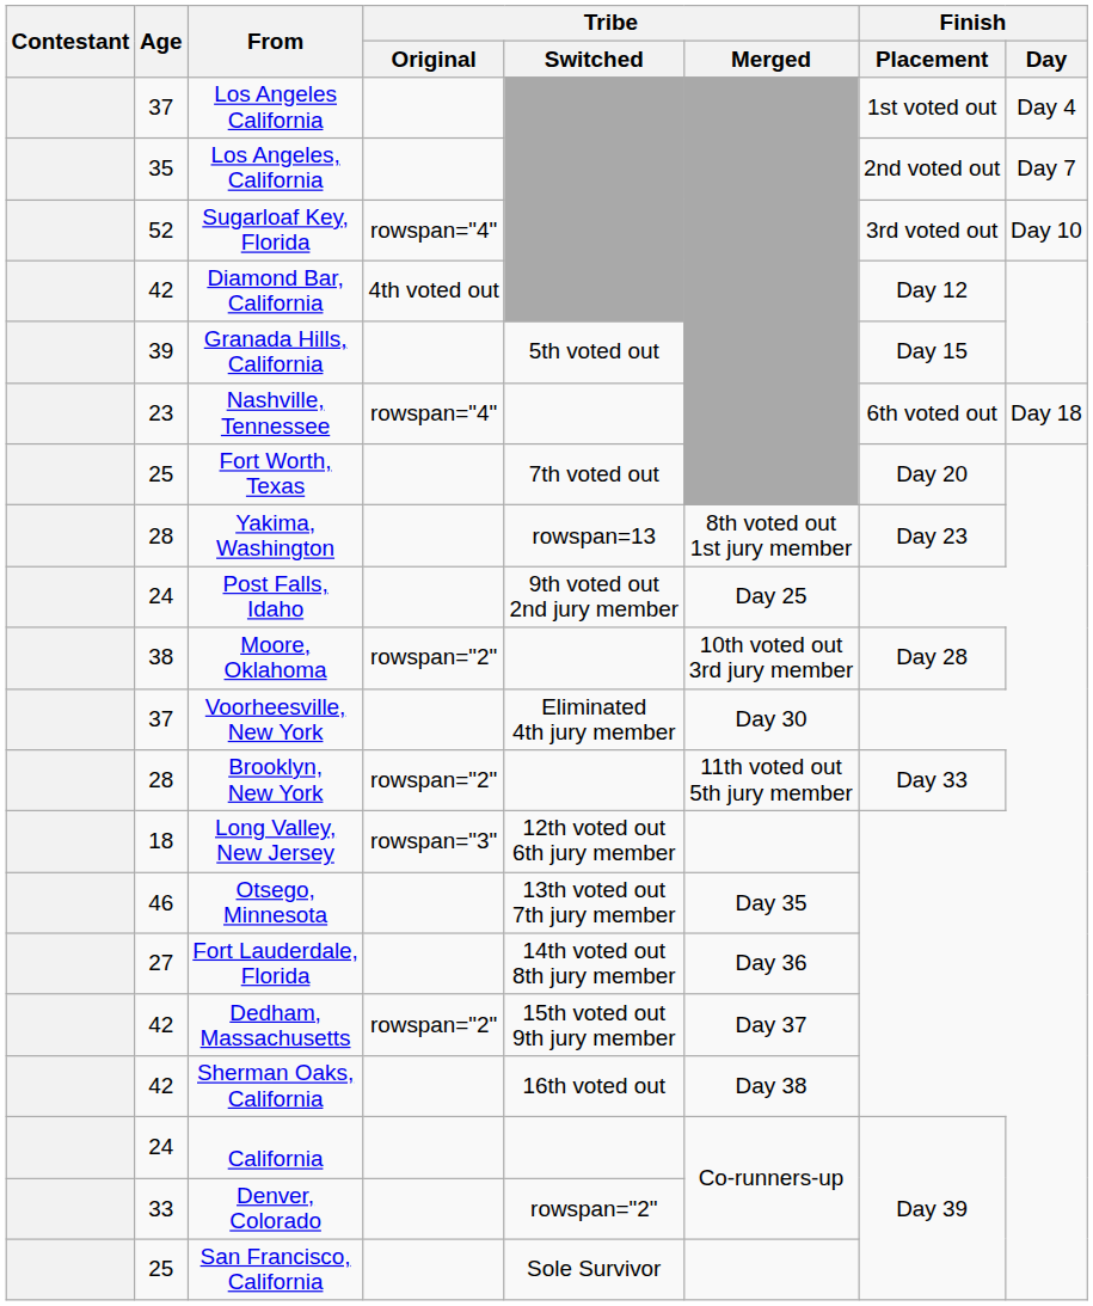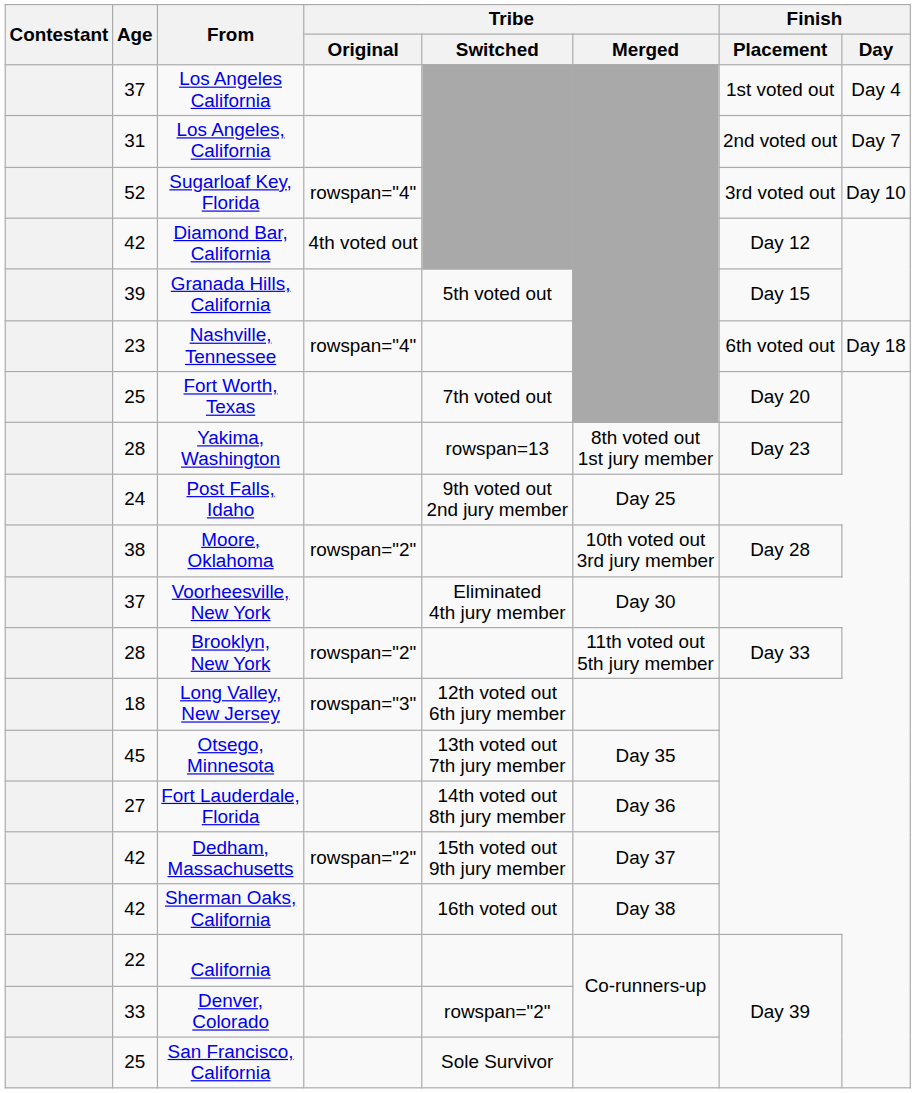 <table class="wikitable sortable" style="margin:auto; text-align:center">
 <tr>
 <th rowspan="2" scope="col">Contestant</th>
 <th rowspan="2" scope="col">Age</th>
 <th rowspan="2" scope="col" class=unsortable>From</th>
 <th colspan="3" scope="colgroup">Tribe</th>
 <th colspan="2" scope="colgroup">Finish</th>
 </tr>
 <tr>
 <th scope="col">Original</th>
 <th scope="col">Switched</th>
 <th scope="col" class=unsortable>Merged</th>
 <th scope="col" class=unsortable>Placement</th>
 <th scope="col" class=unsortable>Day</th>
 </tr>
 <tr>
 <th scope="row" style=text-align:left></th>
 <td>37</td>
 <td><a href='#'>Los Angeles<br>California</a></td>
 <td></td>
 <td style="background:darkgrey;" rowspan="4"></td>
 <td style="background:darkgrey;" rowspan="7"></td>
 <td>1st voted out</td>
 <td>Day 4</td>
 </tr>
 <tr>
 <th scope="row" style=text-align:left></th>
-<td>35</td>
+<td>31</td>
 <td><a href='#'>Los Angeles,<br>California</a></td>
 <td></td>
 <td>2nd voted out</td>
 <td>Day 7</td>
 </tr>
 <tr>
 <th scope="row" style=text-align:left></th>
 <td>52</td>
 <td><a href='#'>Sugarloaf Key,<br>Florida</a></td>
 <td>rowspan="4" </td>
 <td>3rd voted out</td>
 <td>Day 10</td>
 </tr>
 <tr>
 <th scope="row" style=text-align:left></th>
 <td>42</td>
 <td><a href='#'>Diamond Bar,<br>California</a></td>
 <td>4th voted out</td>
 <td>Day 12</td>
 </tr>
 <tr>
 <th scope="row" style=text-align:left></th>
 <td>39</td>
 <td><a href='#'>Granada Hills,<br>California</a></td>
 <td></td>
 <td>5th voted out</td>
 <td>Day 15</td>
 </tr>
 <tr>
 <th scope="row" style=text-align:left></th>
 <td>23</td>
 <td><a href='#'>Nashville,<br>Tennessee</a></td>
 <td>rowspan="4" </td>
 <td></td>
 <td>6th voted out</td>
 <td>Day 18</td>
 </tr>
 <tr>
 <th scope="row" style=text-align:left></th>
 <td>25</td>
 <td><a href='#'>Fort Worth,<br>Texas</a></td>
 <td></td>
 <td>7th voted out</td>
 <td>Day 20</td>
 </tr>
 <tr>
 <th scope="row" style=text-align:left></th>
 <td>28</td>
 <td><a href='#'>Yakima,<br>Washington</a></td>
 <td></td>
 <td>rowspan=13 </td>
 <td>8th voted out<br>1st jury member</td>
 <td>Day 23</td>
 </tr>
 <tr>
 <th scope="row" style=text-align:left></th>
 <td>24</td>
 <td><a href='#'>Post Falls,<br>Idaho</a></td>
 <td></td>
 <td>9th voted out<br>2nd jury member</td>
 <td>Day 25</td>
 </tr>
 <tr>
 <th scope="row" style=text-align:left></th>
 <td>38</td>
 <td><a href='#'>Moore,<br>Oklahoma</a></td>
 <td>rowspan="2" </td>
 <td></td>
 <td>10th voted out<br>3rd jury member</td>
 <td>Day 28</td>
 </tr>
 <tr>
 <th scope="row" style=text-align:left></th>
 <td>37</td>
 <td><a href='#'>Voorheesville,<br>New York</a></td>
 <td></td>
 <td>Eliminated<br>4th jury member</td>
 <td>Day 30</td>
 </tr>
 <tr>
 <th scope="row" style=text-align:left></th>
 <td>28</td>
 <td><a href='#'>Brooklyn,<br>New York</a></td>
 <td>rowspan="2" </td>
 <td></td>
 <td>11th voted out<br>5th jury member</td>
 <td>Day 33</td>
 </tr>
 <tr>
 <th scope="row" style=text-align:left></th>
 <td>18</td>
 <td><a href='#'>Long Valley,<br>New Jersey</a></td>
 <td>rowspan="3" </td>
 <td>12th voted out<br>6th jury member</td>
 <td></td>
 </tr>
 <tr>
 <th scope="row" style=text-align:left></th>
-<td>46</td>
+<td>45</td>
 <td><a href='#'>Otsego,<br>Minnesota</a></td>
 <td></td>
 <td>13th voted out<br>7th jury member</td>
 <td>Day 35</td>
 </tr>
 <tr>
 <th scope="row" style=text-align:left></th>
 <td>27</td>
 <td><a href='#'>Fort Lauderdale,<br>Florida</a></td>
 <td></td>
 <td>14th voted out<br>8th jury member</td>
 <td>Day 36</td>
 </tr>
 <tr>
 <th scope="row" style=text-align:left></th>
 <td>42</td>
 <td><a href='#'>Dedham,<br>Massachusetts</a></td>
 <td>rowspan="2" </td>
 <td>15th voted out<br>9th jury member</td>
 <td>Day 37</td>
 </tr>
 <tr>
 <th scope="row" style=text-align:left></th>
 <td>42</td>
 <td><a href='#'>Sherman Oaks,<br>California</a></td>
 <td></td>
 <td>16th voted out<br></td>
 <td>Day 38</td>
 </tr>
 <tr>
 <th scope="row" style=text-align:left></th>
-<td>24</td>
+<td>22</td>
 <td><a href='#'><br>California</a></td>
 <td></td>
 <td></td>
 <td rowspan="2">Co-runners-up</td>
 <td rowspan="3">Day 39</td>
 </tr>
 <tr>
 <th scope="row" style=text-align:left></th>
 <td>33</td>
 <td><a href='#'>Denver,<br>Colorado</a></td>
 <td></td>
 <td>rowspan="2" </td>
 </tr>
 <tr>
 <th scope="row" style=text-align:left></th>
 <td>25</td>
 <td><a href='#'>San Francisco,<br>California</a></td>
 <td></td>
 <td>Sole Survivor</td>
 </tr>
 </table>
